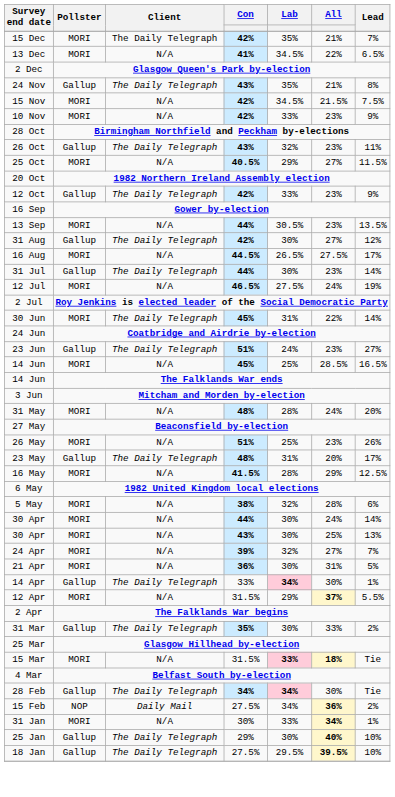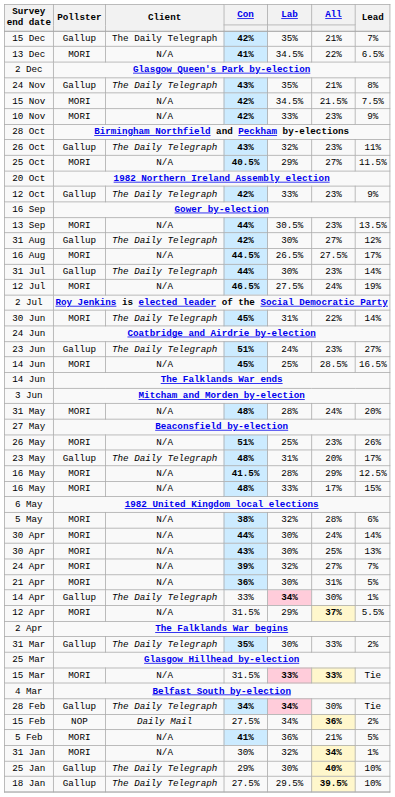 <table class="wikitable sortable mw-datatable" style="text-align:center;font-size:90%;line-height:14px;">
 <tr>
 <th rowspan="2">Survey<br>end date</th>
 <th rowspan="2">Pollster</th>
 <th rowspan="2">Client</th>
 <th class="unsortable" style="width:50px;"><a href='#'>Con</a></th>
 <th class="unsortable" style="width:50px;"><a href='#'>Lab</a></th>
 <th class="unsortable" style="width:50px;"><a href='#'>All</a></th>
 <th rowspan="2">Lead</th>
 </tr>
 <tr>
 <th style="background:"></th>
 <th style="background:"></th>
 <th style="background:"></th>
 </tr>
 <tr>
 </tr>
 <tr>
 <td>15 Dec</td>
-<td>MORI</td>
+<td>Gallup</td>
 <td>The Daily Telegraph</td>
 <td style="background:#CCEBFF;"><strong>42%</strong></td>
 <td>35%</td>
 <td>21%</td>
 <td style="background:">7%</td>
 </tr>
 <tr>
 <td>13 Dec</td>
 <td>MORI</td>
 <td>N/A</td>
 <td style="background:#CCEBFF;"><strong>41%</strong></td>
 <td>34.5%</td>
 <td>22%</td>
 <td style="background:">6.5%</td>
 </tr>
 <tr>
 <td>2 Dec</td>
 <td colspan="6"><a href='#'><strong>Glasgow Queen's Park by-election</strong></a></td>
 </tr>
 <tr>
 <td>24 Nov</td>
 <td>Gallup</td>
 <td><em>The Daily Telegraph</em></td>
 <td style="background:#CCEBFF;"><strong>43%</strong></td>
 <td>35%</td>
 <td>21%</td>
 <td style="background:">8%</td>
 </tr>
 <tr>
 <td>15 Nov</td>
 <td>MORI</td>
 <td>N/A</td>
 <td style="background:#CCEBFF;"><strong>42%</strong></td>
 <td>34.5%</td>
 <td>21.5%</td>
 <td style="background:">7.5%</td>
 </tr>
 <tr>
 <td>10 Nov</td>
 <td>MORI</td>
 <td>N/A</td>
 <td style="background:#CCEBFF;"><strong>42%</strong></td>
 <td>33%</td>
 <td>23%</td>
 <td style="background:">9%</td>
 </tr>
 <tr>
 <td>28 Oct</td>
 <td colspan="6"><strong><a href='#'>Birmingham Northfield</a> and <a href='#'>Peckham</a> by-elections</strong></td>
 </tr>
 <tr>
 <td>26 Oct</td>
 <td>Gallup</td>
 <td><em>The Daily Telegraph</em></td>
 <td style="background:#CCEBFF;"><strong>43%</strong></td>
 <td>32%</td>
 <td>23%</td>
 <td style="background:">11%</td>
 </tr>
 <tr>
 <td>25 Oct</td>
 <td>MORI</td>
 <td>N/A</td>
 <td style="background:#CCEBFF;"><strong>40.5%</strong></td>
 <td>29%</td>
 <td>27%</td>
 <td style="background:">11.5%</td>
 </tr>
 <tr>
 <td>20 Oct</td>
 <td colspan="6"><strong><a href='#'>1982 Northern Ireland Assembly election</a></strong></td>
 </tr>
 <tr>
 <td>12 Oct</td>
 <td>Gallup</td>
 <td><em>The Daily Telegraph</em></td>
 <td style="background:#CCEBFF;"><strong>42%</strong></td>
 <td>33%</td>
 <td>23%</td>
 <td style="background:">9%</td>
 </tr>
 <tr>
 <td>16 Sep</td>
 <td colspan="6"><a href='#'><strong>Gower by-election</strong></a></td>
 </tr>
 <tr>
 <td>13 Sep</td>
 <td>MORI</td>
 <td>N/A</td>
 <td style="background:#CCEBFF;"><strong>44%</strong></td>
 <td>30.5%</td>
 <td>23%</td>
 <td style="background:">13.5%</td>
 </tr>
 <tr>
 <td>31 Aug</td>
 <td>Gallup</td>
 <td><em>The Daily Telegraph</em></td>
 <td style="background:#CCEBFF;"><strong>42%</strong></td>
 <td>30%</td>
 <td>27%</td>
 <td style="background:">12%</td>
 </tr>
 <tr>
 <td>16 Aug</td>
 <td>MORI</td>
 <td>N/A</td>
 <td style="background:#CCEBFF;"><strong>44.5%</strong></td>
 <td>26.5%</td>
 <td>27.5%</td>
 <td style="background:">17%</td>
 </tr>
 <tr>
 <td>31 Jul</td>
 <td>Gallup</td>
 <td><em>The Daily Telegraph</em></td>
 <td style="background:#CCEBFF;"><strong>44%</strong></td>
 <td>30%</td>
 <td>23%</td>
 <td style="background:">14%</td>
 </tr>
 <tr>
 <td>12 Jul</td>
 <td>MORI</td>
 <td>N/A</td>
 <td style="background:#CCEBFF;"><strong>46.5%</strong></td>
 <td>27.5%</td>
 <td>24%</td>
 <td style="background:">19%</td>
 </tr>
 <tr>
 <td>2 Jul</td>
 <td colspan="6"><strong><a href='#'>Roy Jenkins</a> is <a href='#'>elected leader</a> of the <a href='#'>Social Democratic Party</a></strong></td>
 </tr>
 <tr>
 <td>30 Jun</td>
 <td>MORI</td>
 <td><em>The Daily Telegraph</em></td>
 <td style="background:#CCEBFF;"><strong>45%</strong></td>
 <td>31%</td>
 <td>22%</td>
 <td style="background:">14%</td>
 </tr>
 <tr>
 <td>24 Jun</td>
 <td colspan="6"><a href='#'><strong>Coatbridge and Airdrie by-election</strong></a></td>
 </tr>
 <tr>
 <td>23 Jun</td>
 <td>Gallup</td>
 <td><em>The Daily Telegraph</em></td>
 <td style="background:#CCEBFF;"><strong>51%</strong></td>
 <td>24%</td>
 <td>23%</td>
 <td style="background:">27%</td>
 </tr>
 <tr>
 <td>14 Jun</td>
 <td>MORI</td>
 <td>N/A</td>
 <td style="background:#CCEBFF;"><strong>45%</strong></td>
 <td>25%</td>
 <td>28.5%</td>
 <td style="background:">16.5%</td>
 </tr>
 <tr>
 <td>14 Jun</td>
 <td colspan="6"><strong><a href='#'>The Falklands War ends</a></strong></td>
 </tr>
 <tr>
 <td>3 Jun</td>
 <td colspan="6"><a href='#'><strong>Mitcham and Morden by-election</strong></a></td>
 </tr>
 <tr>
 <td>31 May</td>
 <td>MORI</td>
 <td>N/A</td>
 <td style="background:#CCEBFF;"><strong>48%</strong></td>
 <td>28%</td>
 <td>24%</td>
 <td style="background:">20%</td>
 </tr>
 <tr>
 <td>27 May</td>
 <td colspan="6"><a href='#'><strong>Beaconsfield by-election</strong></a></td>
 </tr>
 <tr>
 <td>26 May</td>
 <td>MORI</td>
 <td>N/A</td>
 <td style="background:#CCEBFF;"><strong>51%</strong></td>
 <td>25%</td>
 <td>23%</td>
 <td style="background:">26%</td>
 </tr>
 <tr>
 <td>23 May</td>
 <td>Gallup</td>
 <td><em>The Daily Telegraph</em></td>
 <td style="background:#CCEBFF;"><strong>48%</strong></td>
 <td>31%</td>
 <td>20%</td>
 <td style="background:">17%</td>
 </tr>
 <tr>
 <td>16 May</td>
 <td>MORI</td>
 <td>N/A</td>
 <td style="background:#CCEBFF;"><strong>41.5%</strong></td>
 <td>28%</td>
 <td>29%</td>
 <td style="background:">12.5%</td>
 </tr>
 <tr>
+<td>16 May</td>
+<td>MORI</td>
+<td>N/A</td>
+<td style="background:#CCEBFF;"><strong>48%</strong></td>
+<td>33%</td>
+<td>17%</td>
+<td style="background:">15%</td>
+</tr>
+<tr>
 <td>6 May</td>
 <td colspan="6"><strong><a href='#'>1982 United Kingdom local elections</a></strong></td>
 </tr>
 <tr>
 <td>5 May</td>
 <td>MORI</td>
 <td>N/A</td>
 <td style="background:#CCEBFF;"><strong>38%</strong></td>
 <td>32%</td>
 <td>28%</td>
 <td style="background:">6%</td>
 </tr>
 <tr>
 <td>30 Apr</td>
 <td>MORI</td>
 <td>N/A</td>
 <td style="background:#CCEBFF;"><strong>44%</strong></td>
 <td>30%</td>
 <td>24%</td>
 <td style="background:">14%</td>
 </tr>
 <tr>
 <td>30 Apr</td>
 <td>MORI</td>
 <td>N/A</td>
 <td style="background:#CCEBFF;"><strong>43%</strong></td>
 <td>30%</td>
 <td>25%</td>
 <td style="background:">13%</td>
 </tr>
 <tr>
 <td>24 Apr</td>
 <td>MORI</td>
 <td>N/A</td>
 <td style="background:#CCEBFF;"><strong>39%</strong></td>
 <td>32%</td>
 <td>27%</td>
 <td style="background:">7%</td>
 </tr>
 <tr>
 <td>21 Apr</td>
 <td>MORI</td>
 <td>N/A</td>
 <td style="background:#CCEBFF;"><strong>36%</strong></td>
 <td>30%</td>
 <td>31%</td>
 <td style="background:">5%</td>
 </tr>
 <tr>
 <td>14 Apr</td>
 <td>Gallup</td>
 <td><em>The Daily Telegraph</em></td>
 <td>33%</td>
 <td style="background:#FFCCDA;"><strong>34%</strong></td>
 <td>30%</td>
 <td style="background:">1%</td>
 </tr>
 <tr>
 <td>12 Apr</td>
 <td>MORI</td>
 <td>N/A</td>
 <td>31.5%</td>
 <td>29%</td>
 <td style="background:#FFF7CC"><strong>37%</strong></td>
 <td style="background:">5.5%</td>
 </tr>
 <tr>
 <td>2 Apr</td>
 <td colspan="6"><strong><a href='#'>The Falklands War begins</a></strong></td>
 </tr>
 <tr>
 <td>31 Mar</td>
 <td>Gallup</td>
 <td><em>The Daily Telegraph</em></td>
 <td style="background:#CCEBFF;"><strong>35%</strong></td>
 <td>30%</td>
 <td>33%</td>
 <td style="background:">2%</td>
 </tr>
 <tr>
 <td>25 Mar</td>
 <td colspan="6"><a href='#'><strong>Glasgow Hillhead by-election</strong></a></td>
 </tr>
 <tr>
 <td>15 Mar</td>
 <td>MORI</td>
 <td>N/A</td>
 <td>31.5%</td>
 <td style="background:#FFCCDA;"><strong>33%</strong></td>
-<td style="background:#FFF7CC"><strong>18%</strong></td>
+<td style="background:#FFF7CC"><strong>33%</strong></td>
 <td>Tie</td>
 </tr>
 <tr>
 <td>4 Mar</td>
 <td colspan="6"><a href='#'><strong>Belfast South by-election</strong></a></td>
 </tr>
 <tr>
 <td>28 Feb</td>
 <td>Gallup</td>
 <td><em>The Daily Telegraph</em></td>
 <td style="background:#CCEBFF;"><strong>34%</strong></td>
 <td style="background:#FFCCDA;"><strong>34%</strong></td>
 <td>30%</td>
 <td>Tie</td>
 </tr>
 <tr>
 <td>15 Feb</td>
 <td>NOP</td>
 <td><em>Daily Mail</em></td>
 <td>27.5%</td>
 <td>34%</td>
 <td style="background:#FFF7CC"><strong>36%</strong></td>
 <td style="background:">2%</td>
 </tr>
 <tr>
+<td>5 Feb</td>
+<td>MORI</td>
+<td>N/A</td>
+<td style="background:#CCEBFF;"><strong>41%</strong></td>
+<td>36%</td>
+<td>21%</td>
+<td style="background:">5%</td>
+</tr>
+<tr>
 <td>31 Jan</td>
 <td>MORI</td>
 <td>N/A</td>
 <td>30%</td>
-<td>33%</td>
+<td>32%</td>
 <td style="background:#FFF7CC"><strong>34%</strong></td>
 <td style="background:">1%</td>
 </tr>
 <tr>
 <td>25 Jan</td>
 <td>Gallup</td>
 <td><em>The Daily Telegraph</em></td>
 <td>29%</td>
 <td>30%</td>
 <td style="background:#FFF7CC"><strong>40%</strong></td>
 <td style="background:">10%</td>
 </tr>
 <tr>
 <td>18 Jan</td>
 <td>Gallup</td>
 <td><em>The Daily Telegraph</em></td>
 <td>27.5%</td>
 <td>29.5%</td>
 <td style="background:#FFF7CC"><strong>39.5%</strong></td>
 <td style="background:">10%</td>
 </tr>
 <tr>
 </tr>
 </table>
